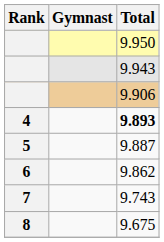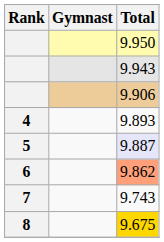 <table class="wikitable sortable" style="text-align:center; font-size:95%">
 <tr>
 <th scope=col>Rank</th>
 <th scope=col>Gymnast</th>
 <th scope=col>Total</th>
 </tr>
 <tr bgcolor=fffcaf>
 <th scope=row style="text-align:center"></th>
 <td align=left></td>
 <td>9.950</td>
 </tr>
 <tr bgcolor=e5e5e5>
 <th scope=row style="text-align:center"></th>
 <td align=left></td>
 <td>9.943</td>
 </tr>
 <tr bgcolor=eecc99>
 <th scope=row style="text-align:center"></th>
 <td align=left></td>
 <td>9.906</td>
 </tr>
 <tr>
 <th scope=row style="text-align:center">4</th>
 <td align=left></td>
-<td><strong>9.893</strong></td>
+<td>9.893</td>
 </tr>
 <tr>
 <th scope=row style="text-align:center">5</th>
 <td align=left></td>
-<td>9.887</td>
+<td style="background: lavender;">9.887</td>
 </tr>
 <tr>
 <th scope=row style="text-align:center">6</th>
 <td align=left></td>
-<td>9.862</td>
+<td style="background: lightsalmon;">9.862</td>
 </tr>
 <tr>
 <th scope=row style="text-align:center">7</th>
 <td align=left></td>
 <td>9.743</td>
 </tr>
 <tr>
 <th scope=row style="text-align:center">8</th>
 <td align=left></td>
-<td>9.675</td>
+<td style="background: gold;">9.675</td>
 </tr>
 <tr>
 </tr>
 </table>
